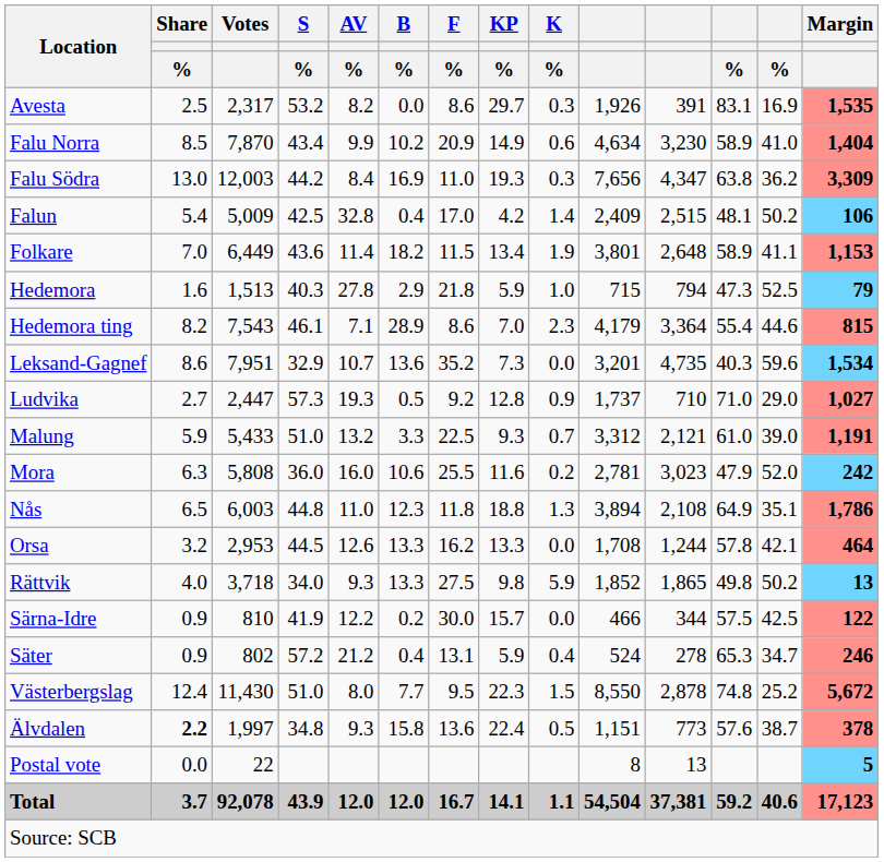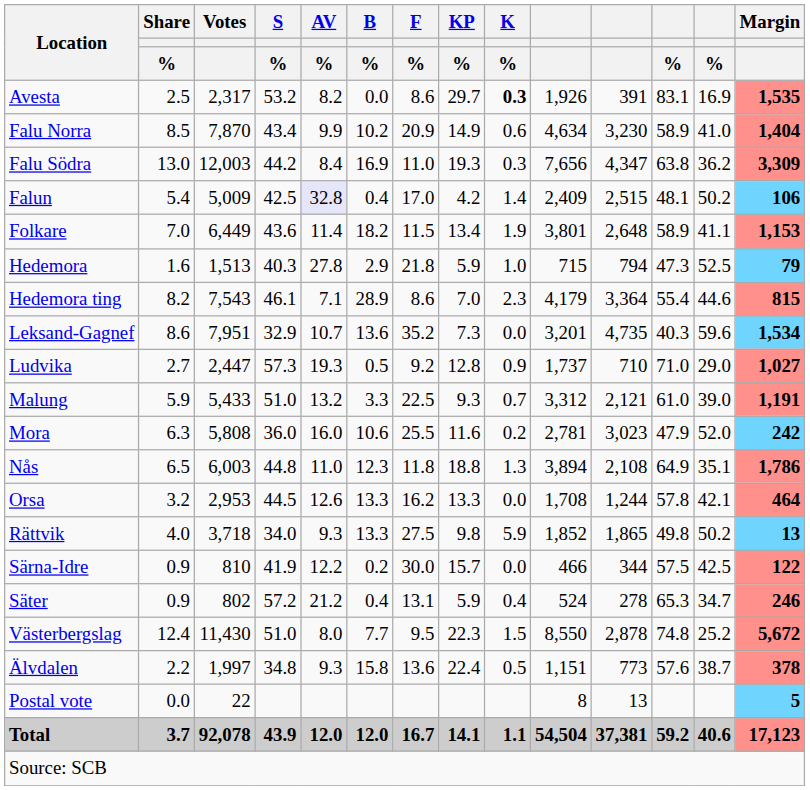 <table class="wikitable sortable" style="text-align:right; font-size:95%; line-height:20px;">
 <tr>
 <th rowspan="3">Location</th>
 <th>Share</th>
 <th>Votes</th>
 <th width="30px" class="unsortable"><a href='#'>S</a></th>
 <th width="30px" class="unsortable"><a href='#'>AV</a></th>
 <th width="30px" class="unsortable"><a href='#'>B</a></th>
 <th width="30px" class="unsortable"><a href='#'>F</a></th>
 <th width="30px" class="unsortable"><a href='#'>KP</a></th>
 <th width="30px" class="unsortable"><a href='#'>K</a></th>
 <th></th>
 <th></th>
 <th></th>
 <th></th>
 <th>Margin</th>
 </tr>
 <tr>
 <th></th>
 <th></th>
 <th style="background:"></th>
 <th style="background:"></th>
 <th style="background:"></th>
 <th style="background:"></th>
 <th style="background:"></th>
 <th style="background:"></th>
 <th style="background:"></th>
 <th style="background:"></th>
 <th style="background:"></th>
 <th style="background:"></th>
 <th></th>
 </tr>
 <tr>
 <th data-sort-type="number">%</th>
 <th></th>
 <th data-sort-type="number">%</th>
 <th data-sort-type="number">%</th>
 <th data-sort-type="number">%</th>
 <th data-sort-type="number">%</th>
 <th data-sort-type="number">%</th>
 <th data-sort-type="number">%</th>
 <th></th>
 <th></th>
 <th data-sort-type="number">%</th>
 <th data-sort-type="number">%</th>
 <th></th>
 </tr>
 <tr>
 <td align=left><a href='#'>Avesta</a></td>
 <td>2.5</td>
 <td>2,317</td>
 <td>53.2</td>
 <td>8.2</td>
 <td>0.0</td>
 <td>8.6</td>
 <td>29.7</td>
-<td>0.3</td>
+<td><strong>0.3</strong></td>
 <td>1,926</td>
 <td>391</td>
 <td>83.1</td>
 <td>16.9</td>
 <td bgcolor=#ff908c><strong>1,535</strong></td>
 </tr>
 <tr>
 <td align=left><a href='#'>Falu Norra</a></td>
 <td>8.5</td>
 <td>7,870</td>
 <td>43.4</td>
 <td>9.9</td>
 <td>10.2</td>
 <td>20.9</td>
 <td>14.9</td>
 <td>0.6</td>
 <td>4,634</td>
 <td>3,230</td>
 <td>58.9</td>
 <td>41.0</td>
 <td bgcolor=#ff908c><strong>1,404</strong></td>
 </tr>
 <tr>
 <td align=left><a href='#'>Falu Södra</a></td>
 <td>13.0</td>
 <td>12,003</td>
 <td>44.2</td>
 <td>8.4</td>
 <td>16.9</td>
 <td>11.0</td>
 <td>19.3</td>
 <td>0.3</td>
 <td>7,656</td>
 <td>4,347</td>
 <td>63.8</td>
 <td>36.2</td>
 <td bgcolor=#ff908c><strong>3,309</strong></td>
 </tr>
 <tr>
 <td align=left><a href='#'>Falun</a></td>
 <td>5.4</td>
 <td>5,009</td>
 <td>42.5</td>
-<td>32.8</td>
+<td style="background: lavender;">32.8</td>
 <td>0.4</td>
 <td>17.0</td>
 <td>4.2</td>
 <td>1.4</td>
 <td>2,409</td>
 <td>2,515</td>
 <td>48.1</td>
 <td>50.2</td>
 <td bgcolor=#6fd5fe><strong>106</strong></td>
 </tr>
 <tr>
 <td align=left><a href='#'>Folkare</a></td>
 <td>7.0</td>
 <td>6,449</td>
 <td>43.6</td>
 <td>11.4</td>
 <td>18.2</td>
 <td>11.5</td>
 <td>13.4</td>
 <td>1.9</td>
 <td>3,801</td>
 <td>2,648</td>
 <td>58.9</td>
 <td>41.1</td>
 <td bgcolor=#ff908c><strong>1,153</strong></td>
 </tr>
 <tr>
 <td align=left><a href='#'>Hedemora</a></td>
 <td>1.6</td>
 <td>1,513</td>
 <td>40.3</td>
 <td>27.8</td>
 <td>2.9</td>
 <td>21.8</td>
 <td>5.9</td>
 <td>1.0</td>
 <td>715</td>
 <td>794</td>
 <td>47.3</td>
 <td>52.5</td>
 <td bgcolor=#6fd5fe><strong>79</strong></td>
 </tr>
 <tr>
 <td align=left><a href='#'>Hedemora ting</a></td>
 <td>8.2</td>
 <td>7,543</td>
 <td>46.1</td>
 <td>7.1</td>
 <td>28.9</td>
 <td>8.6</td>
 <td>7.0</td>
 <td>2.3</td>
 <td>4,179</td>
 <td>3,364</td>
 <td>55.4</td>
 <td>44.6</td>
 <td bgcolor=#ff908c><strong>815</strong></td>
 </tr>
 <tr>
 <td align=left><a href='#'>Leksand-Gagnef</a></td>
 <td>8.6</td>
 <td>7,951</td>
 <td>32.9</td>
 <td>10.7</td>
 <td>13.6</td>
 <td>35.2</td>
 <td>7.3</td>
 <td>0.0</td>
 <td>3,201</td>
 <td>4,735</td>
 <td>40.3</td>
 <td>59.6</td>
 <td bgcolor=#6fd5fe><strong>1,534</strong></td>
 </tr>
 <tr>
 <td align=left><a href='#'>Ludvika</a></td>
 <td>2.7</td>
 <td>2,447</td>
 <td>57.3</td>
 <td>19.3</td>
 <td>0.5</td>
 <td>9.2</td>
 <td>12.8</td>
 <td>0.9</td>
 <td>1,737</td>
 <td>710</td>
 <td>71.0</td>
 <td>29.0</td>
 <td bgcolor=#ff908c><strong>1,027</strong></td>
 </tr>
 <tr>
 <td align=left><a href='#'>Malung</a></td>
 <td>5.9</td>
 <td>5,433</td>
 <td>51.0</td>
 <td>13.2</td>
 <td>3.3</td>
 <td>22.5</td>
 <td>9.3</td>
 <td>0.7</td>
 <td>3,312</td>
 <td>2,121</td>
 <td>61.0</td>
 <td>39.0</td>
 <td bgcolor=#ff908c><strong>1,191</strong></td>
 </tr>
 <tr>
 <td align=left><a href='#'>Mora</a></td>
 <td>6.3</td>
 <td>5,808</td>
 <td>36.0</td>
 <td>16.0</td>
 <td>10.6</td>
 <td>25.5</td>
 <td>11.6</td>
 <td>0.2</td>
 <td>2,781</td>
 <td>3,023</td>
 <td>47.9</td>
 <td>52.0</td>
 <td bgcolor=#6fd5fe><strong>242</strong></td>
 </tr>
 <tr>
 <td align=left><a href='#'>Nås</a></td>
 <td>6.5</td>
 <td>6,003</td>
 <td>44.8</td>
 <td>11.0</td>
 <td>12.3</td>
 <td>11.8</td>
 <td>18.8</td>
 <td>1.3</td>
 <td>3,894</td>
 <td>2,108</td>
 <td>64.9</td>
 <td>35.1</td>
 <td bgcolor=#ff908c><strong>1,786</strong></td>
 </tr>
 <tr>
 <td align=left><a href='#'>Orsa</a></td>
 <td>3.2</td>
 <td>2,953</td>
 <td>44.5</td>
 <td>12.6</td>
 <td>13.3</td>
 <td>16.2</td>
 <td>13.3</td>
 <td>0.0</td>
 <td>1,708</td>
 <td>1,244</td>
 <td>57.8</td>
 <td>42.1</td>
 <td bgcolor=#ff908c><strong>464</strong></td>
 </tr>
 <tr>
 <td align=left><a href='#'>Rättvik</a></td>
 <td>4.0</td>
 <td>3,718</td>
 <td>34.0</td>
 <td>9.3</td>
 <td>13.3</td>
 <td>27.5</td>
 <td>9.8</td>
 <td>5.9</td>
 <td>1,852</td>
 <td>1,865</td>
 <td>49.8</td>
 <td>50.2</td>
 <td bgcolor=#6fd5fe><strong>13</strong></td>
 </tr>
 <tr>
 <td align=left><a href='#'>Särna-Idre</a></td>
 <td>0.9</td>
 <td>810</td>
 <td>41.9</td>
 <td>12.2</td>
 <td>0.2</td>
 <td>30.0</td>
 <td>15.7</td>
 <td>0.0</td>
 <td>466</td>
 <td>344</td>
 <td>57.5</td>
 <td>42.5</td>
 <td bgcolor=#ff908c><strong>122</strong></td>
 </tr>
 <tr>
 <td align=left><a href='#'>Säter</a></td>
 <td>0.9</td>
 <td>802</td>
 <td>57.2</td>
 <td>21.2</td>
 <td>0.4</td>
 <td>13.1</td>
 <td>5.9</td>
 <td>0.4</td>
 <td>524</td>
 <td>278</td>
 <td>65.3</td>
 <td>34.7</td>
 <td bgcolor=#ff908c><strong>246</strong></td>
 </tr>
 <tr>
 <td align=left><a href='#'>Västerbergslag</a></td>
 <td>12.4</td>
 <td>11,430</td>
 <td>51.0</td>
 <td>8.0</td>
 <td>7.7</td>
 <td>9.5</td>
 <td>22.3</td>
 <td>1.5</td>
 <td>8,550</td>
 <td>2,878</td>
 <td>74.8</td>
 <td>25.2</td>
 <td bgcolor=#ff908c><strong>5,672</strong></td>
 </tr>
 <tr>
 <td align=left><a href='#'>Älvdalen</a></td>
-<td><strong>2.2</strong></td>
+<td>2.2</td>
 <td>1,997</td>
 <td>34.8</td>
 <td>9.3</td>
 <td>15.8</td>
 <td>13.6</td>
 <td>22.4</td>
 <td>0.5</td>
 <td>1,151</td>
 <td>773</td>
 <td>57.6</td>
 <td>38.7</td>
 <td bgcolor=#ff908c><strong>378</strong></td>
 </tr>
 <tr>
 <td align=left><a href='#'>Postal vote</a></td>
 <td>0.0</td>
 <td>22</td>
 <td></td>
 <td></td>
 <td></td>
 <td></td>
 <td></td>
 <td></td>
 <td>8</td>
 <td>13</td>
 <td></td>
 <td></td>
 <td bgcolor=#6fd5fe><strong>5</strong></td>
 </tr>
 <tr>
 </tr>
 <tr style="background:#CDCDCD;">
 <td align=left><strong>Total</strong></td>
 <td><strong>3.7</strong></td>
 <td><strong>92,078</strong></td>
 <td><strong>43.9</strong></td>
 <td><strong>12.0</strong></td>
 <td><strong>12.0</strong></td>
 <td><strong>16.7</strong></td>
 <td><strong>14.1</strong></td>
 <td><strong>1.1</strong></td>
 <td><strong>54,504</strong></td>
 <td><strong>37,381</strong></td>
 <td><strong>59.2</strong></td>
 <td><strong>40.6</strong></td>
 <td bgcolor=#ff908c><strong>17,123</strong></td>
 </tr>
 <tr>
 <td align=left colspan=14>Source: SCB </td>
 </tr>
 </table>
